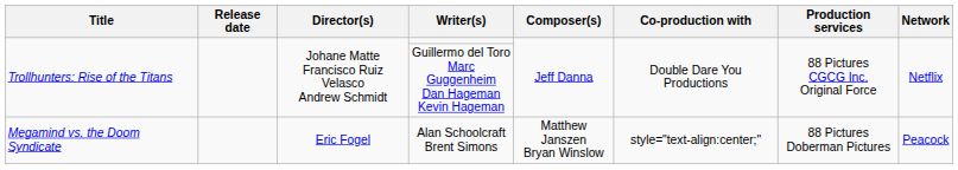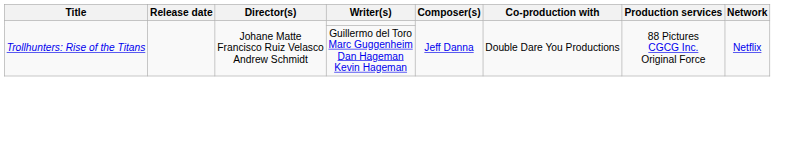 <table class="wikitable sortable" style="text-align:center;">
 <tr>
 <th>Title</th>
 <th>Release date</th>
 <th>Director(s)</th>
 <th>Writer(s)</th>
 <th>Composer(s)</th>
 <th>Co-production with</th>
 <th>Production services</th>
 <th>Network</th>
 </tr>
 <tr>
 <td style="text-align:left;" rowspan="2"><em><a href='#'>Trollhunters: Rise of the Titans</a></em></td>
 <td rowspan="2"></td>
 <td style="text-align:center;" rowspan="2">Johane Matte<br>Francisco Ruiz Velasco<br>Andrew Schmidt</td>
 <td></td>
 <td style="text-align:center;" rowspan="2"><a href='#'>Jeff Danna</a></td>
 <td style="text-align:center;" rowspan="2">Double Dare You Productions</td>
 <td style="text-align:center;" rowspan="2">88 Pictures<br><a href='#'>CGCG Inc.</a><br>Original Force</td>
 <td style="text-align:center;" rowspan="2"><a href='#'>Netflix</a></td>
 </tr>
 <tr>
 <td>Guillermo del Toro<br><a href='#'>Marc Guggenheim</a><br><a href='#'>Dan Hageman</a><br><a href='#'>Kevin Hageman</a></td>
 </tr>
-<tr>
-<td style="text-align:left;"><em><a href='#'>Megamind vs. the Doom Syndicate</a></em></td>
-<td></td>
-<td style="text-align:center;"><a href='#'>Eric Fogel</a></td>
-<td style="text-align:center;">Alan Schoolcraft<br>Brent Simons</td>
-<td style="text-align:center;">Matthew Janszen<br>Bryan Winslow</td>
-<td>style="text-align:center;" </td>
-<td style="text-align:center;">88 Pictures<br>Doberman Pictures</td>
-<td style="text-align:center;"><a href='#'>Peacock</a></td>
-</tr>
 </table>
